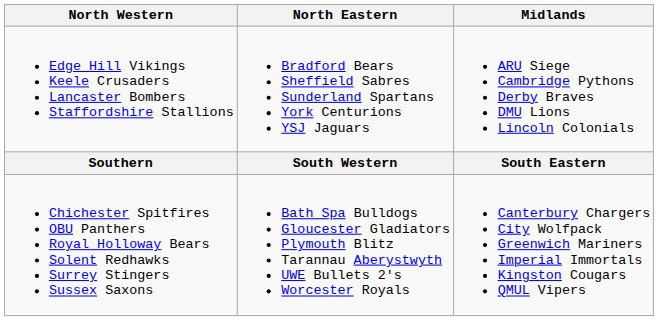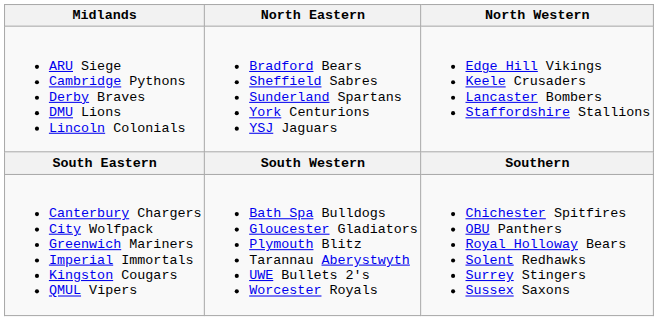 <table class="wikitable">
 <tr>
+<th>Midlands</th>
+<th>North Eastern</th>
 <th>North Western</th>
-<th>North Eastern</th>
-<th>Midlands</th>
 </tr>
 <tr valign="top">
+<td><br><ul><li><a href='#'>ARU</a> Siege</li><li><a href='#'>Cambridge</a> Pythons</li><li><a href='#'>Derby</a> Braves</li><li><a href='#'>DMU</a> Lions</li><li><a href='#'>Lincoln</a> Colonials</li></ul></td>
+<td><br><ul><li><a href='#'>Bradford</a> Bears</li><li><a href='#'>Sheffield</a> Sabres</li><li><a href='#'>Sunderland</a> Spartans</li><li><a href='#'>York</a> Centurions</li><li><a href='#'>YSJ</a> Jaguars</li></ul></td>
 <td><br><ul><li><a href='#'>Edge Hill</a> Vikings</li><li><a href='#'>Keele</a> Crusaders</li><li><a href='#'>Lancaster</a> Bombers</li><li><a href='#'>Staffordshire</a> Stallions</li></ul></td>
-<td><br><ul><li><a href='#'>Bradford</a> Bears</li><li><a href='#'>Sheffield</a> Sabres</li><li><a href='#'>Sunderland</a> Spartans</li><li><a href='#'>York</a> Centurions</li><li><a href='#'>YSJ</a> Jaguars</li></ul></td>
-<td><br><ul><li><a href='#'>ARU</a> Siege</li><li><a href='#'>Cambridge</a> Pythons</li><li><a href='#'>Derby</a> Braves</li><li><a href='#'>DMU</a> Lions</li><li><a href='#'>Lincoln</a> Colonials</li></ul></td>
 </tr>
 <tr valign="top">
+<th>South Eastern</th>
+<th>South Western</th>
 <th>Southern</th>
-<th>South Western</th>
-<th>South Eastern</th>
 </tr>
 <tr valign="top">
+<td><br><ul><li><a href='#'>Canterbury</a> Chargers</li><li><a href='#'>City</a> Wolfpack</li><li><a href='#'>Greenwich</a> Mariners</li><li><a href='#'>Imperial</a> Immortals</li><li><a href='#'>Kingston</a> Cougars</li><li><a href='#'>QMUL</a> Vipers</li></ul></td>
+<td><br><ul><li><a href='#'>Bath Spa</a> Bulldogs</li><li><a href='#'>Gloucester</a> Gladiators</li><li><a href='#'>Plymouth</a> Blitz</li><li>Tarannau <a href='#'>Aberystwyth</a></li><li><a href='#'>UWE</a> Bullets 2's</li><li><a href='#'>Worcester</a> Royals</li></ul></td>
 <td><br><ul><li><a href='#'>Chichester</a> Spitfires</li><li><a href='#'>OBU</a> Panthers</li><li><a href='#'>Royal Holloway</a> Bears</li><li><a href='#'>Solent</a> Redhawks</li><li><a href='#'>Surrey</a> Stingers</li><li><a href='#'>Sussex</a> Saxons</li></ul></td>
-<td><br><ul><li><a href='#'>Bath Spa</a> Bulldogs</li><li><a href='#'>Gloucester</a> Gladiators</li><li><a href='#'>Plymouth</a> Blitz</li><li>Tarannau <a href='#'>Aberystwyth</a></li><li><a href='#'>UWE</a> Bullets 2's</li><li><a href='#'>Worcester</a> Royals</li></ul></td>
-<td><br><ul><li><a href='#'>Canterbury</a> Chargers</li><li><a href='#'>City</a> Wolfpack</li><li><a href='#'>Greenwich</a> Mariners</li><li><a href='#'>Imperial</a> Immortals</li><li><a href='#'>Kingston</a> Cougars</li><li><a href='#'>QMUL</a> Vipers</li></ul></td>
 </tr>
 </table>
